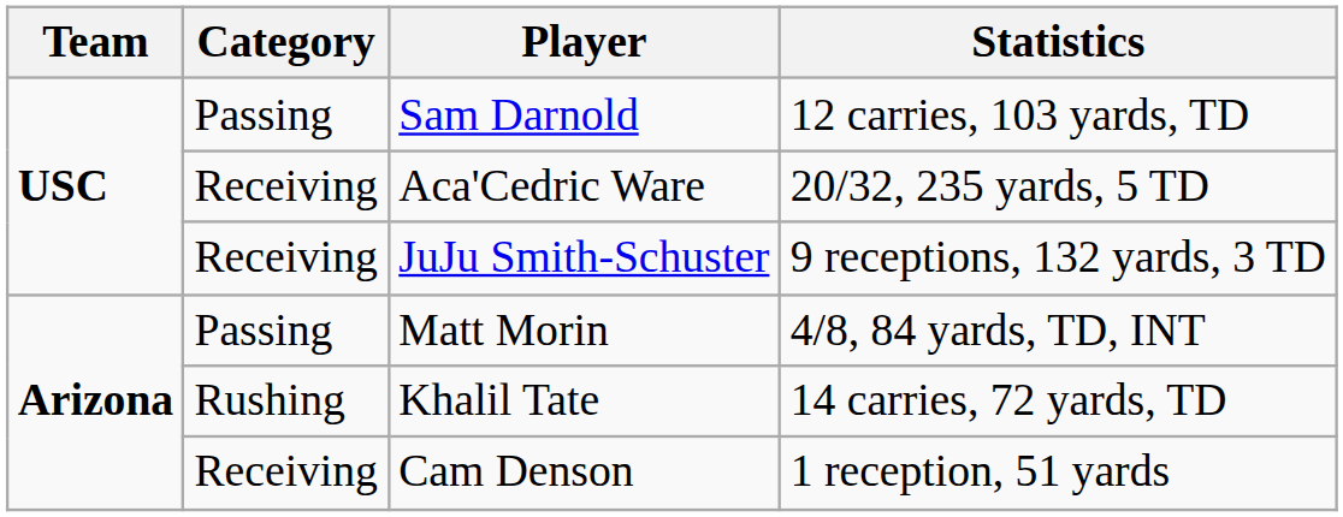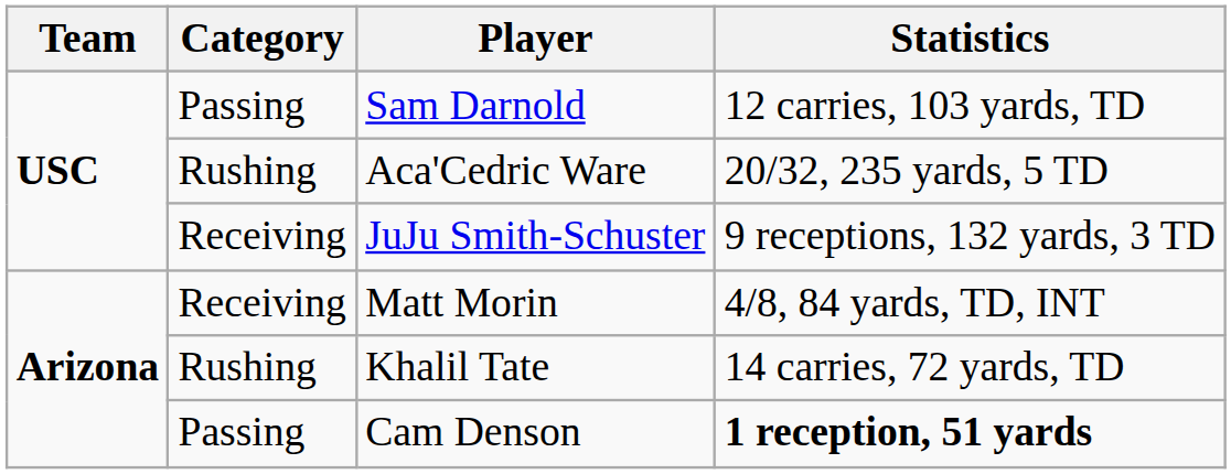 <table class="wikitable" style="float: right;">
 <tr>
 <th>Team</th>
 <th>Category</th>
 <th>Player</th>
 <th>Statistics</th>
 </tr>
 <tr>
 <td rowspan=3><strong>USC</strong></td>
 <td>Passing</td>
 <td><a href='#'>Sam Darnold</a></td>
 <td>12 carries, 103 yards, TD</td>
 </tr>
 <tr>
-<td>Receiving</td>
+<td>Rushing</td>
 <td>Aca'Cedric Ware</td>
 <td>20/32, 235 yards, 5 TD</td>
 </tr>
 <tr>
 <td>Receiving</td>
 <td><a href='#'>JuJu Smith-Schuster</a></td>
 <td>9 receptions, 132 yards, 3 TD</td>
 </tr>
 <tr>
 <td rowspan=3><strong>Arizona</strong></td>
-<td>Passing</td>
+<td>Receiving</td>
 <td>Matt Morin</td>
 <td>4/8, 84 yards, TD, INT</td>
 </tr>
 <tr>
 <td>Rushing</td>
 <td>Khalil Tate</td>
 <td>14 carries, 72 yards, TD</td>
 </tr>
 <tr>
-<td>Receiving</td>
+<td>Passing</td>
 <td>Cam Denson</td>
-<td>1 reception, 51 yards</td>
+<td><strong>1 reception, 51 yards</strong></td>
 </tr>
 </table>
